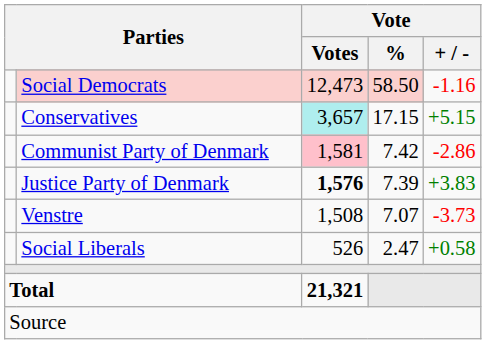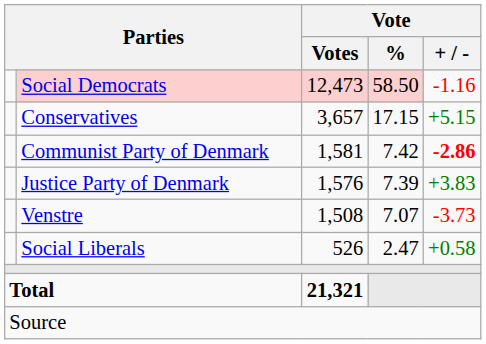 <table class="wikitable" style="text-align:right;">
 <tr>
 <th style="text-align:centre;" rowspan="2" colspan="2" width="225">Parties</th>
 <th colspan="3">Vote</th>
 </tr>
 <tr>
 <th width="15">Votes</th>
 <th width="15">%</th>
 <th width="15">+ / -</th>
 </tr>
 <tr>
 <td width="2" style="color:inherit;background:"></td>
 <td bgcolor=#fbd0ce  align="left"><a href='#'>Social Democrats</a></td>
 <td bgcolor=#fbd0ce>12,473</td>
 <td bgcolor=#fbd0ce>58.50</td>
 <td style=color:red;>-1.16</td>
 </tr>
 <tr>
 <td width="2" style="color:inherit;background:"></td>
 <td align="left"><a href='#'>Conservatives</a></td>
-<td style="background: paleturquoise;">3,657</td>
+<td>3,657</td>
 <td>17.15</td>
 <td style=color:green;>+5.15</td>
 </tr>
 <tr>
 <td width="2" style="color:inherit;background:"></td>
 <td align="left"><a href='#'>Communist Party of Denmark</a></td>
-<td style="background: pink;">1,581</td>
+<td>1,581</td>
 <td>7.42</td>
-<td style=color:red;>-2.86</td>
+<td style=color:red;><strong>-2.86</strong></td>
 </tr>
 <tr>
 <td width="2" style="color:inherit;background:"></td>
 <td align="left"><a href='#'>Justice Party of Denmark</a></td>
-<td><strong>1,576</strong></td>
+<td>1,576</td>
 <td>7.39</td>
 <td style=color:green;>+3.83</td>
 </tr>
 <tr>
 <td width="2" style="color:inherit;background:"></td>
 <td align="left"><a href='#'>Venstre</a></td>
 <td>1,508</td>
 <td>7.07</td>
 <td style=color:red;>-3.73</td>
 </tr>
 <tr>
 <td width="2" style="color:inherit;background:"></td>
 <td align="left"><a href='#'>Social Liberals</a></td>
 <td>526</td>
 <td>2.47</td>
 <td style=color:green;>+0.58</td>
 </tr>
 <tr>
 <td colspan="7" bgcolor="#E9E9E9"></td>
 </tr>
 <tr>
 <td align="left" colspan="2"><strong>Total</strong></td>
 <td><strong>21,321</strong></td>
 <td bgcolor="#E9E9E9" colspan="2"></td>
 </tr>
 <tr>
 <td align="left" colspan="6">Source</td>
 </tr>
 </table>
